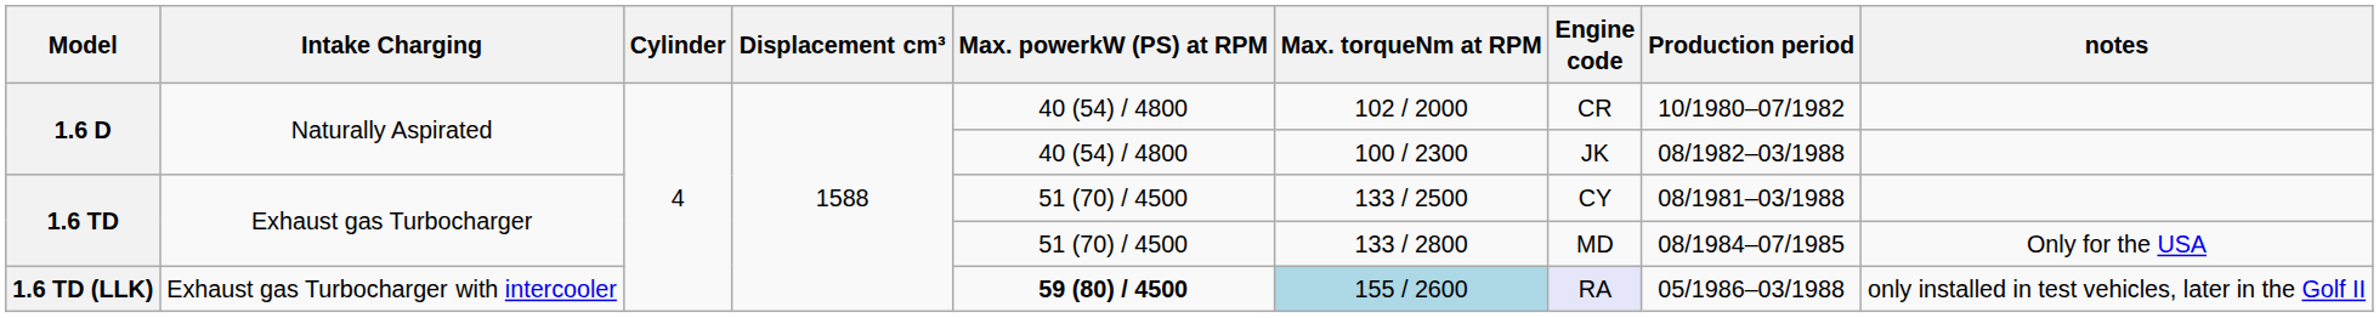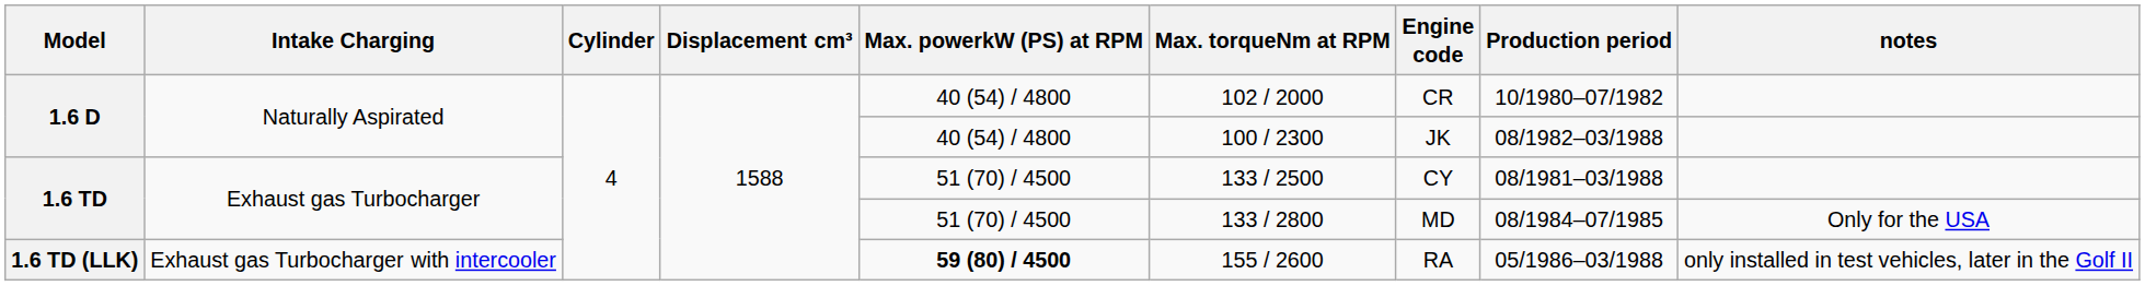 <table class="wikitable" style="text-align: center; font-size: 100%;">
 <tr>
 <th><small>Model</small></th>
 <th><small>Intake Charging</small></th>
 <th><small>Cylinder</small></th>
 <th><small>Displacement</small> <small>cm³</small></th>
 <th><small>Max. power</small><small>kW (PS) at RPM</small></th>
 <th><small>Max. torque</small><small>Nm at RPM</small></th>
 <th><small>Engine</small><br><small>code</small></th>
 <th><small>Production period</small></th>
 <th><small>notes</small></th>
 </tr>
 <tr>
 <th rowspan="2" align="left"><strong><small>1.6 D</small></strong></th>
 <td rowspan="2"><small>Naturally Aspirated</small></td>
 <td rowspan="5"><small>4</small></td>
 <td rowspan="5"><small>1588</small></td>
 <td><small>40 (54) / 4800</small></td>
 <td><small>102 / 2000</small></td>
 <td><small>CR</small></td>
 <td><small>10/1980–07/1982</small></td>
 <td></td>
 </tr>
 <tr>
 <td><small>40 (54) / 4800</small></td>
 <td><small>100 / 2300</small></td>
 <td><small>JK</small></td>
 <td><small>08/1982–03/1988</small></td>
 <td></td>
 </tr>
 <tr>
 <th rowspan="2" align="left"><strong><small>1.6 TD</small></strong></th>
 <td rowspan="2"><small>Exhaust gas Turbocharger</small></td>
 <td><small>51 (70) / 4500</small></td>
 <td><small>133 / 2500</small></td>
 <td><small>CY</small></td>
 <td><small>08/1981–03/1988</small></td>
 <td></td>
 </tr>
 <tr>
 <td><small>51 (70) / 4500</small></td>
 <td><small>133 / 2800</small></td>
 <td><small>MD</small></td>
 <td><small>08/1984–07/1985</small></td>
 <td><small>Only for the <a href='#'>USA</a></small></td>
 </tr>
 <tr>
 <th align="left"><strong><small>1.6 TD (LLK)</small></strong></th>
 <td><small>Exhaust gas Turbocharger</small> <small>with <a href='#'>intercooler</a></small></td>
 <td><strong><small>59 (80) / 4500</small></strong></td>
-<td style="background: lightblue;"><small>155 / 2600</small></td>
-<td style="background: lavender;"><small>RA</small></td>
+<td><small>155 / 2600</small></td>
+<td><small>RA</small></td>
 <td><small>05/1986–03/1988</small></td>
 <td><small>only installed in test vehicles, later in the <a href='#'>Golf II</a></small></td>
 </tr>
 </table>
